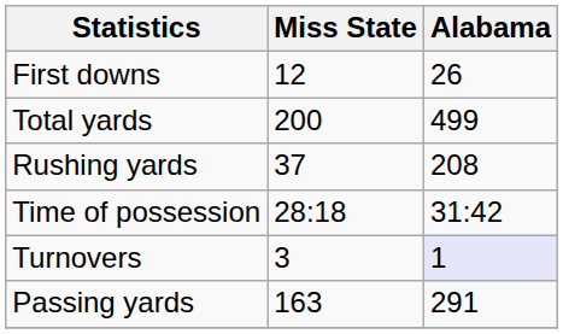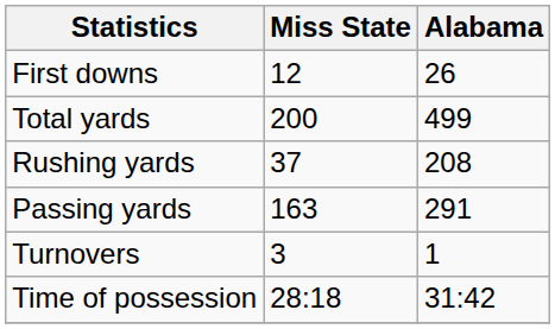 <table class="wikitable" style="float: left;">
 <tr>
 <th>Statistics</th>
 <th>Miss State</th>
 <th>Alabama</th>
 </tr>
 <tr>
 <td>First downs</td>
 <td>12</td>
 <td>26</td>
 </tr>
 <tr>
 <td>Total yards</td>
 <td>200</td>
 <td>499</td>
 </tr>
 <tr>
 <td>Rushing yards</td>
 <td>37</td>
 <td>208</td>
 </tr>
 <tr>
+<td>Passing yards</td>
+<td>163</td>
+<td>291</td>
+</tr>
+<tr>
+<td>Turnovers</td>
+<td>3</td>
+<td>1</td>
+</tr>
+<tr>
 <td>Time of possession</td>
 <td>28:18</td>
 <td>31:42</td>
 </tr>
 <tr>
-<td>Turnovers</td>
-<td>3</td>
-<td style="background: lavender;">1</td>
-</tr>
-<tr>
-<td>Passing yards</td>
-<td>163</td>
-<td>291</td>
-</tr>
-<tr>
 </tr>
 </table>
